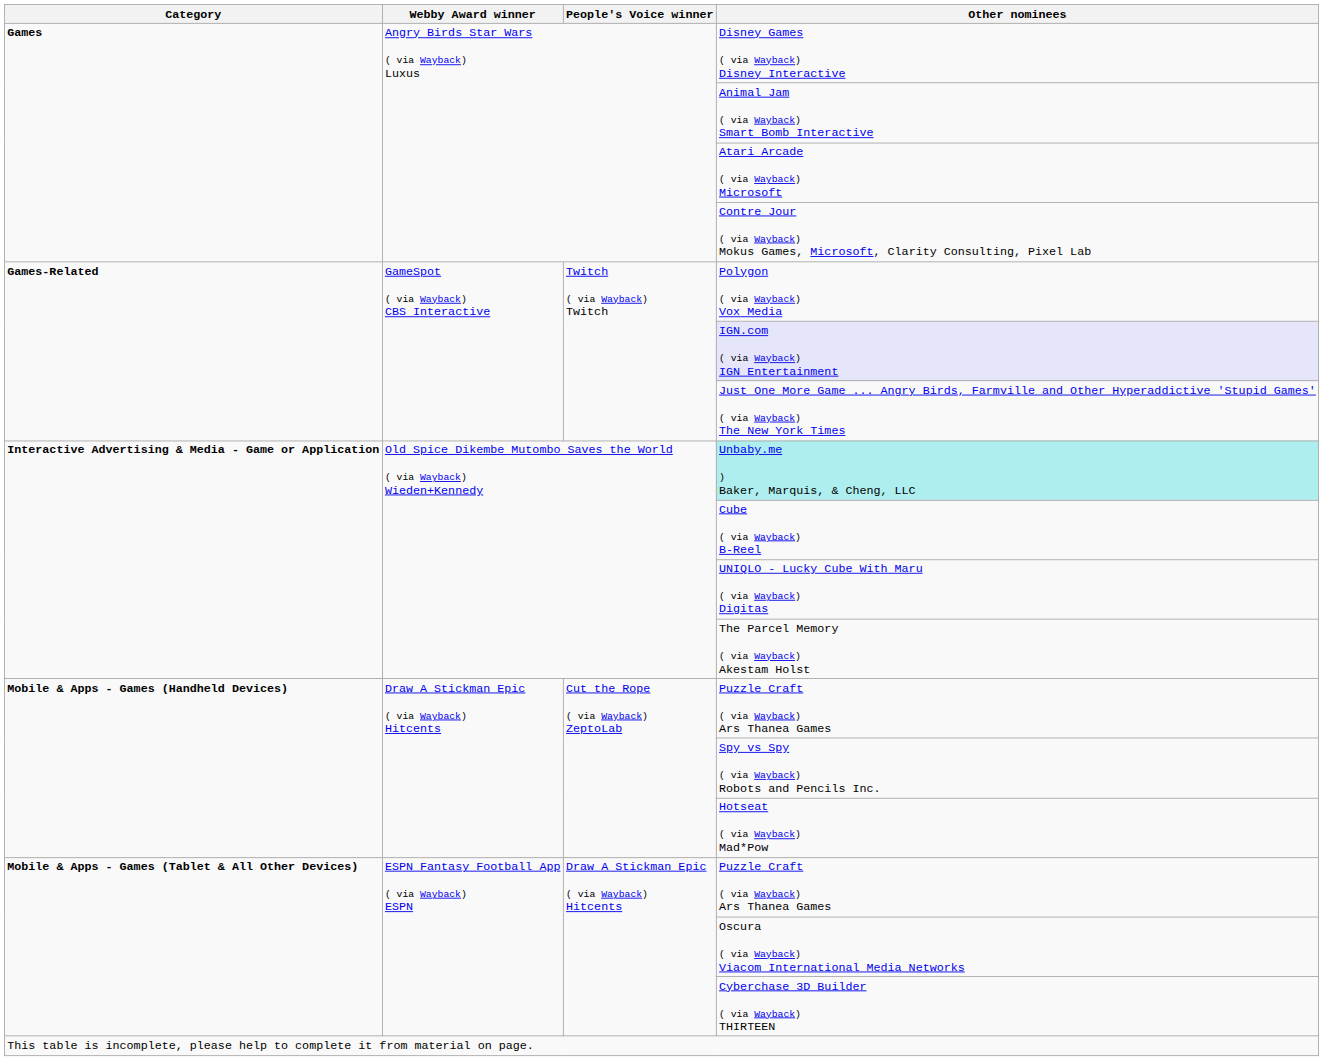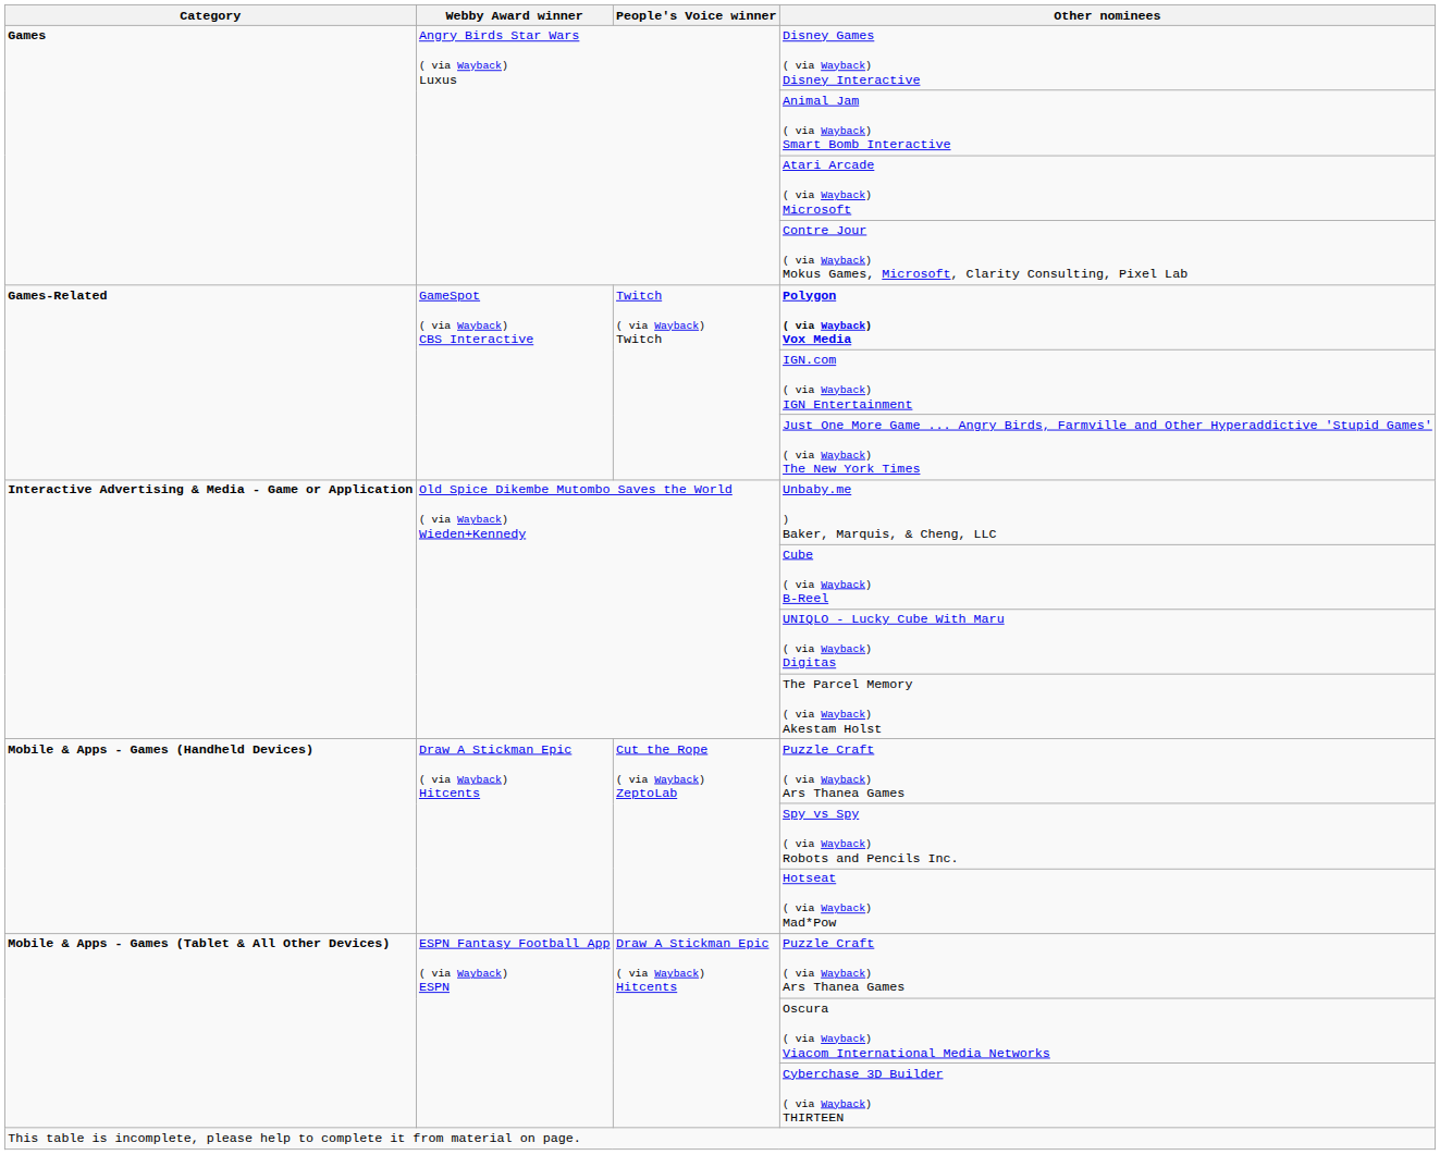 <table class="wikitable">
 <tr>
 <th>Category</th>
 <th>Webby Award winner</th>
 <th>People's Voice winner</th>
 <th>Other nominees</th>
 </tr>
 <tr valign="top">
 <td rowspan="4"><strong>Games</strong></td>
 <td rowspan="4" colspan="2"><a href='#'>Angry Birds Star Wars</a><br><br><small>( via <a href='#'>Wayback</a>)</small><br> Luxus</td>
 <td><a href='#'>Disney Games</a><br><br><small>( via <a href='#'>Wayback</a>)</small><br> <a href='#'>Disney Interactive</a></td>
 </tr>
 <tr valign="top">
 <td><a href='#'>Animal Jam</a><br><br><small>( via <a href='#'>Wayback</a>)</small><br> <a href='#'>Smart Bomb Interactive</a></td>
 </tr>
 <tr valign="top">
 <td><a href='#'>Atari Arcade</a><br><br><small>( via <a href='#'>Wayback</a>)</small><br> <a href='#'>Microsoft</a></td>
 </tr>
 <tr valign="top">
 <td><a href='#'>Contre Jour</a><br><br><small>( via <a href='#'>Wayback</a>)</small><br> Mokus Games, <a href='#'>Microsoft</a>, Clarity Consulting, Pixel Lab</td>
 </tr>
 <tr valign="top">
 <td rowspan="3"><strong>Games-Related</strong></td>
 <td rowspan="3"><a href='#'>GameSpot</a><br><br><small>( via <a href='#'>Wayback</a>)</small><br> <a href='#'>CBS Interactive</a></td>
 <td rowspan="3"><a href='#'>Twitch</a><br><br><small>( via <a href='#'>Wayback</a>)</small><br> Twitch</td>
-<td><a href='#'>Polygon</a><br><br><small>( via <a href='#'>Wayback</a>)</small><br> <a href='#'>Vox Media</a></td>
+<td><strong><a href='#'>Polygon</a><br><br><small>( via <a href='#'>Wayback</a>)</small><br> <a href='#'>Vox Media</a></strong></td>
 </tr>
 <tr valign="top">
-<td style="background: lavender;"><a href='#'>IGN.com</a><br><br><small>( via <a href='#'>Wayback</a>)</small><br> <a href='#'>IGN Entertainment</a></td>
+<td><a href='#'>IGN.com</a><br><br><small>( via <a href='#'>Wayback</a>)</small><br> <a href='#'>IGN Entertainment</a></td>
 </tr>
 <tr valign="top">
 <td><a href='#'>Just One More Game ... Angry Birds, Farmville and Other Hyperaddictive 'Stupid Games'</a><br><br><small>( via <a href='#'>Wayback</a>)</small><br> <a href='#'>The New York Times</a></td>
 </tr>
 <tr valign="top">
 <td rowspan="4"><strong>Interactive Advertising & Media - Game or Application</strong></td>
 <td rowspan="4" colspan="2"><a href='#'>Old Spice Dikembe Mutombo Saves the World</a><br><br><small>( via <a href='#'>Wayback</a>)</small><br> <a href='#'>Wieden+Kennedy</a></td>
-<td style="background: paleturquoise;"><a href='#'>Unbaby.me</a><br><br><small>)</small><br> Baker, Marquis, & Cheng, LLC</td>
+<td><a href='#'>Unbaby.me</a><br><br><small>)</small><br> Baker, Marquis, & Cheng, LLC</td>
 </tr>
 <tr valign="top">
 <td><a href='#'>Cube</a><br><br><small>( via <a href='#'>Wayback</a>)</small><br> <a href='#'>B-Reel</a></td>
 </tr>
 <tr valign="top">
 <td><a href='#'>UNIQLO - Lucky Cube With Maru</a><br><br><small>( via <a href='#'>Wayback</a>)</small><br> <a href='#'>Digitas</a></td>
 </tr>
 <tr valign="top">
 <td>The Parcel Memory<br><br><small>( via <a href='#'>Wayback</a>)</small><br> Akestam Holst</td>
 </tr>
 <tr valign="top">
 <td rowspan="3"><strong>Mobile & Apps - Games (Handheld Devices)</strong></td>
 <td rowspan="3"><a href='#'>Draw A Stickman Epic</a><br><br><small>( via <a href='#'>Wayback</a>)</small><br> <a href='#'>Hitcents</a></td>
 <td rowspan="3"><a href='#'>Cut the Rope</a><br><br><small>( via <a href='#'>Wayback</a>)</small><br> <a href='#'>ZeptoLab</a></td>
 <td><a href='#'>Puzzle Craft</a><br><br><small>( via <a href='#'>Wayback</a>)</small><br> Ars Thanea Games</td>
 </tr>
 <tr valign="top">
 <td><a href='#'>Spy vs Spy</a><br><br><small>( via <a href='#'>Wayback</a>)</small><br> Robots and Pencils Inc.</td>
 </tr>
 <tr valign="top">
 <td><a href='#'>Hotseat</a><br><br><small>( via <a href='#'>Wayback</a>)</small><br> Mad*Pow</td>
 </tr>
 <tr valign="top">
 <td rowspan="3"><strong>Mobile & Apps - Games (Tablet & All Other Devices)</strong></td>
 <td rowspan="3"><a href='#'>ESPN Fantasy Football App</a><br><br><small>( via <a href='#'>Wayback</a>)</small><br> <a href='#'>ESPN</a></td>
 <td rowspan="3"><a href='#'>Draw A Stickman Epic</a><br><br><small>( via <a href='#'>Wayback</a>)</small><br> <a href='#'>Hitcents</a></td>
 <td><a href='#'>Puzzle Craft</a><br><br><small>( via <a href='#'>Wayback</a>)</small><br> Ars Thanea Games</td>
 </tr>
 <tr valign="top">
 <td>Oscura<br><br><small>( via <a href='#'>Wayback</a>)</small><br> <a href='#'>Viacom International Media Networks</a></td>
 </tr>
 <tr valign="top">
 <td><a href='#'>Cyberchase 3D Builder</a><br><br><small>( via <a href='#'>Wayback</a>)</small><br> THIRTEEN</td>
 </tr>
 <tr>
 <td colspan=4>This table is incomplete, please help to complete it from material on  page.</td>
 </tr>
 </table>
